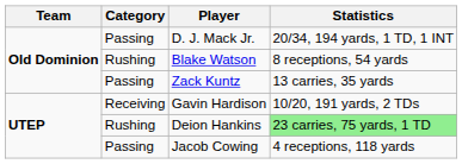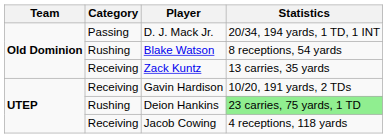 <table class="wikitable" style="float: left;">
 <tr>
 <th>Team</th>
 <th>Category</th>
 <th>Player</th>
 <th>Statistics</th>
 </tr>
 <tr>
 <td rowspan=3><strong>Old Dominion</strong></td>
 <td>Passing</td>
 <td>D. J. Mack Jr.</td>
 <td>20/34, 194 yards, 1 TD, 1 INT</td>
 </tr>
 <tr>
 <td>Rushing</td>
 <td><a href='#'>Blake Watson</a></td>
 <td>8 receptions, 54 yards</td>
 </tr>
 <tr>
-<td>Passing</td>
+<td>Receiving</td>
 <td><a href='#'>Zack Kuntz</a></td>
 <td>13 carries, 35 yards</td>
 </tr>
 <tr>
 <td rowspan=3><strong>UTEP</strong></td>
 <td>Receiving</td>
 <td>Gavin Hardison</td>
 <td>10/20, 191 yards, 2 TDs</td>
 </tr>
 <tr>
 <td>Rushing</td>
 <td>Deion Hankins</td>
 <td style="background: lightgreen;">23 carries, 75 yards, 1 TD</td>
 </tr>
 <tr>
-<td>Passing</td>
+<td>Receiving</td>
 <td>Jacob Cowing</td>
 <td>4 receptions, 118 yards</td>
 </tr>
 </table>
